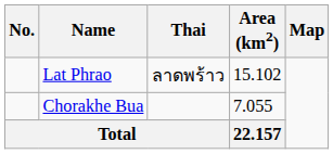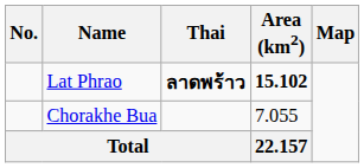 <table class="wikitable sortable">
 <tr>
 <th>No.</th>
 <th>Name</th>
 <th>Thai</th>
 <th>Area<br>(km<sup>2</sup>)</th>
 <th>Map</th>
 </tr>
 <tr>
 <td></td>
 <td><a href='#'>Lat Phrao</a></td>
-<td>ลาดพร้าว</td>
-<td><div>15.102</div></td>
+<td><strong>ลาดพร้าว</strong></td>
+<td><strong><div>15.102</div></strong></td>
 <td rowspan=3></td>
 </tr>
 <tr>
 <td></td>
 <td><a href='#'>Chorakhe Bua</a></td>
 <td></td>
 <td><div>7.055</div></td>
 </tr>
 <tr>
 <th colspan=3>Total</th>
 <th><div>22.157</div></th>
 </tr>
 </table>
